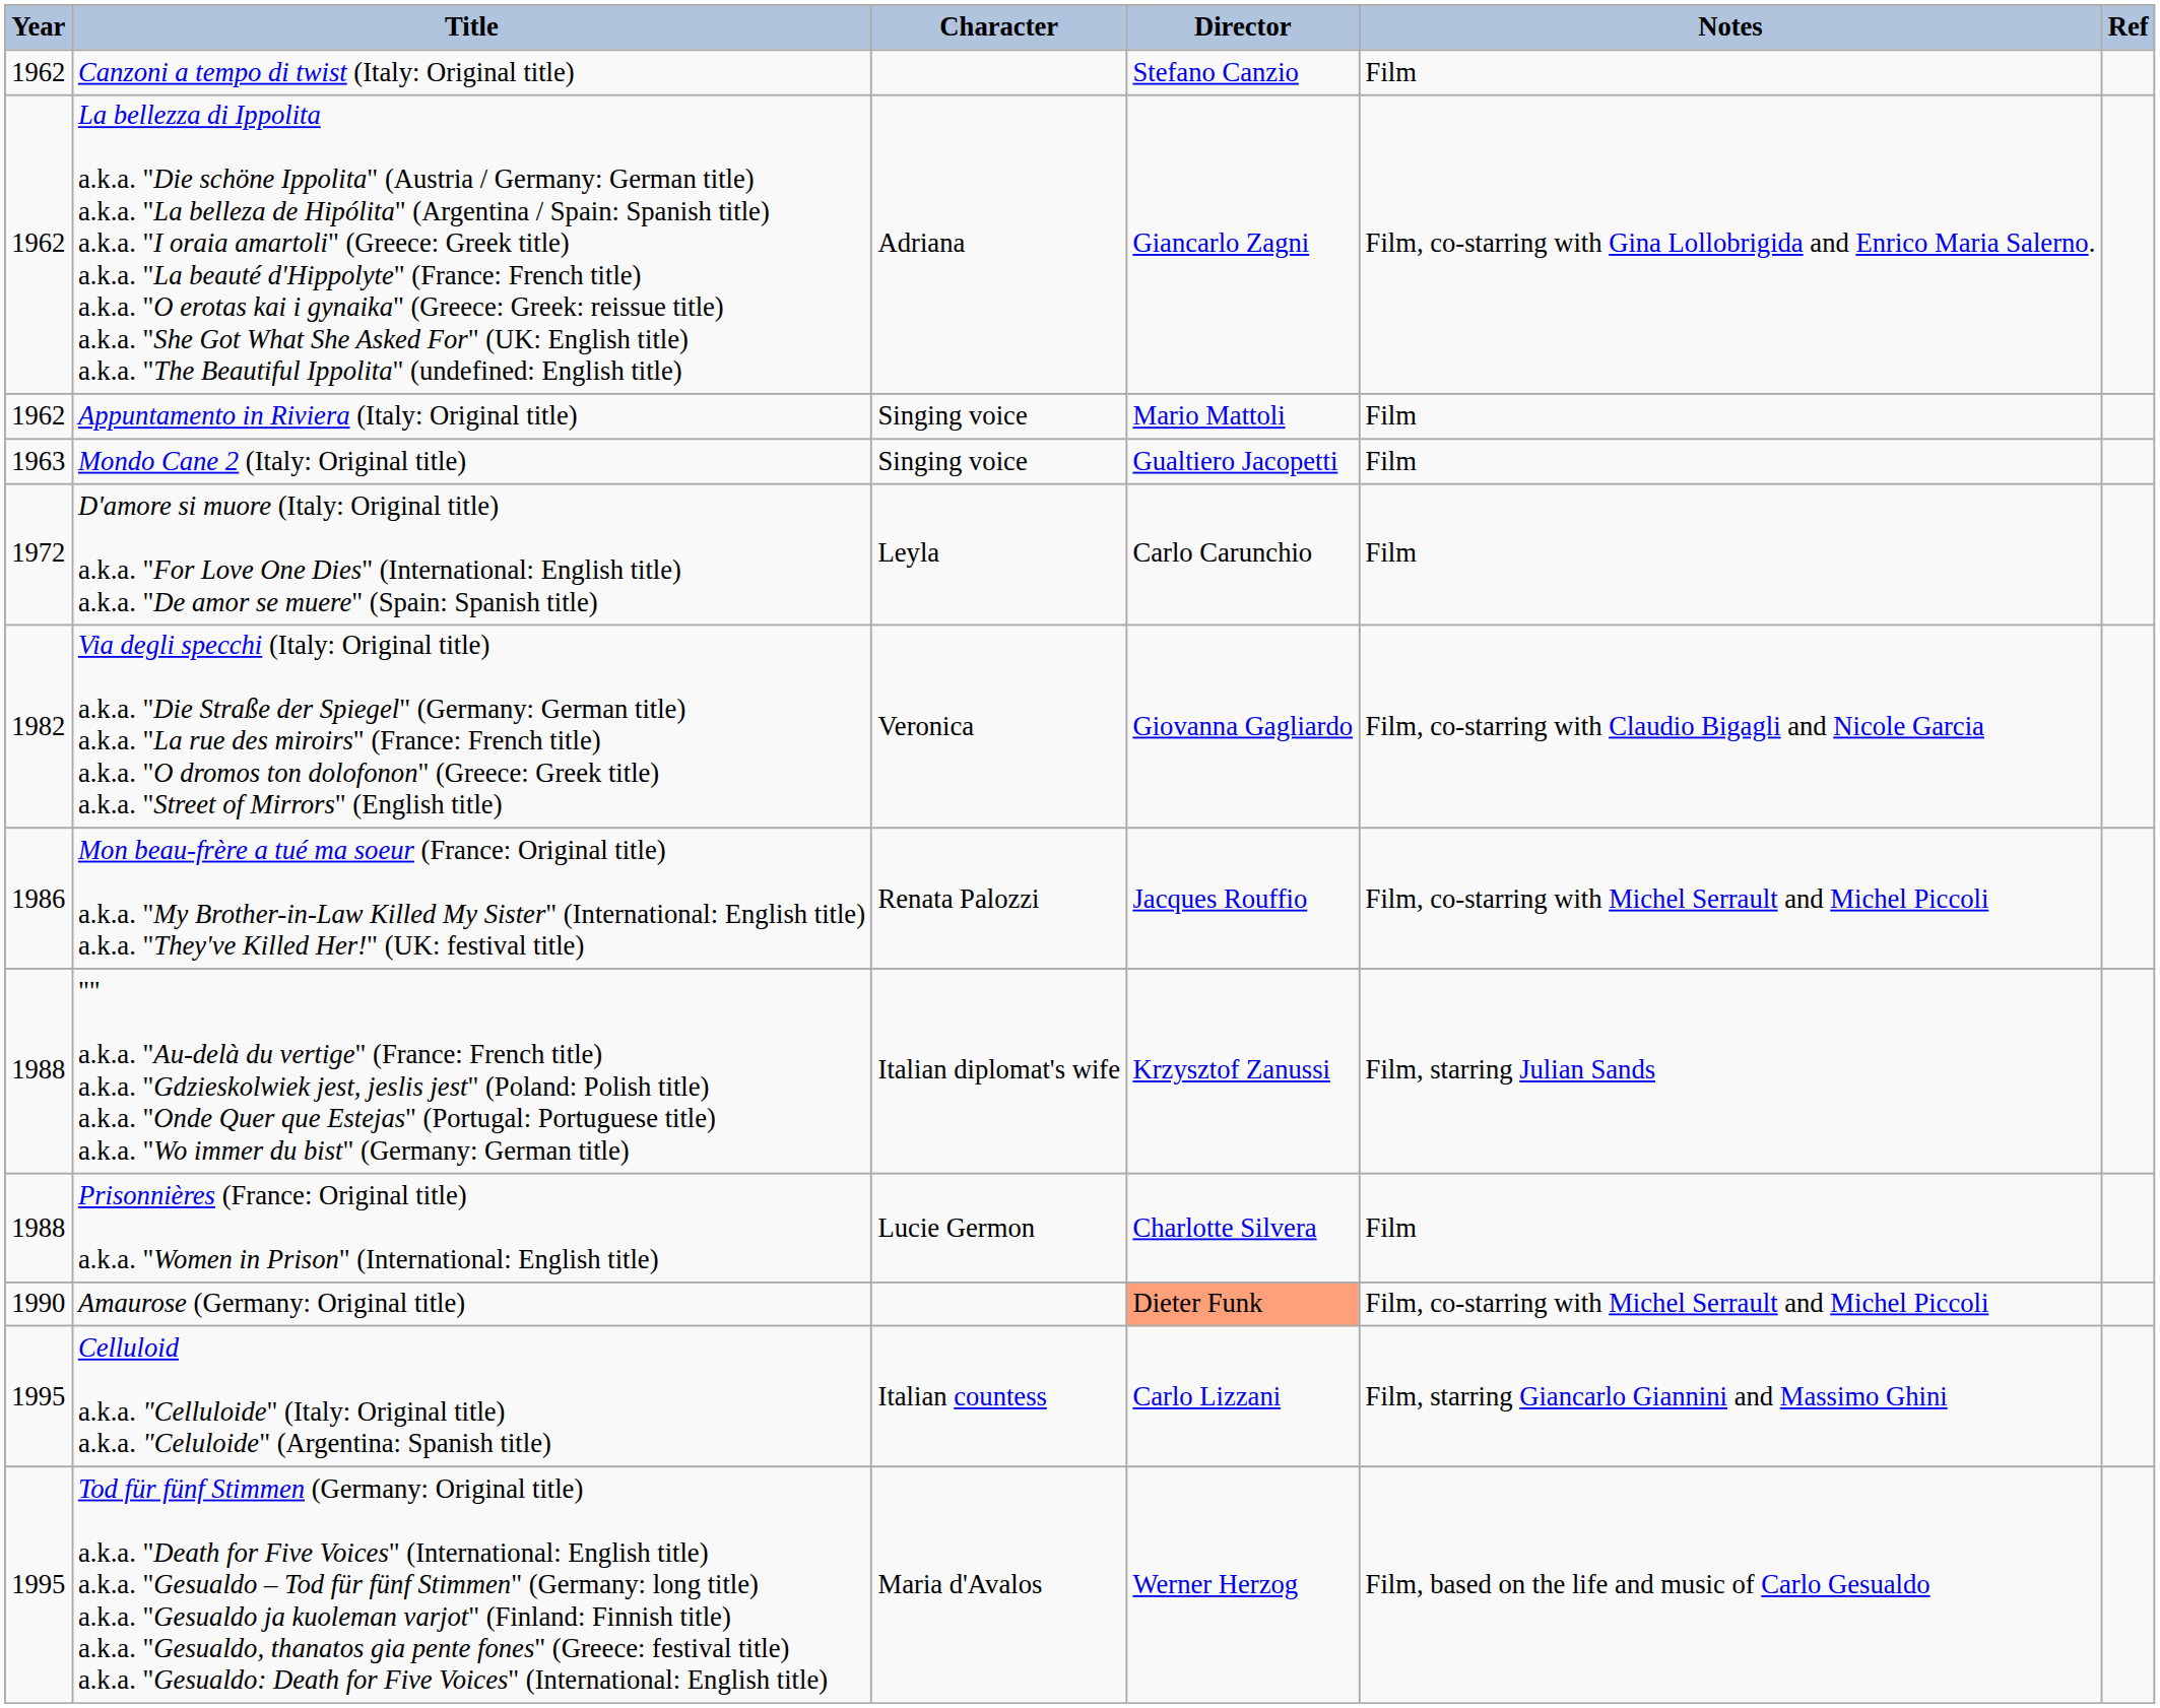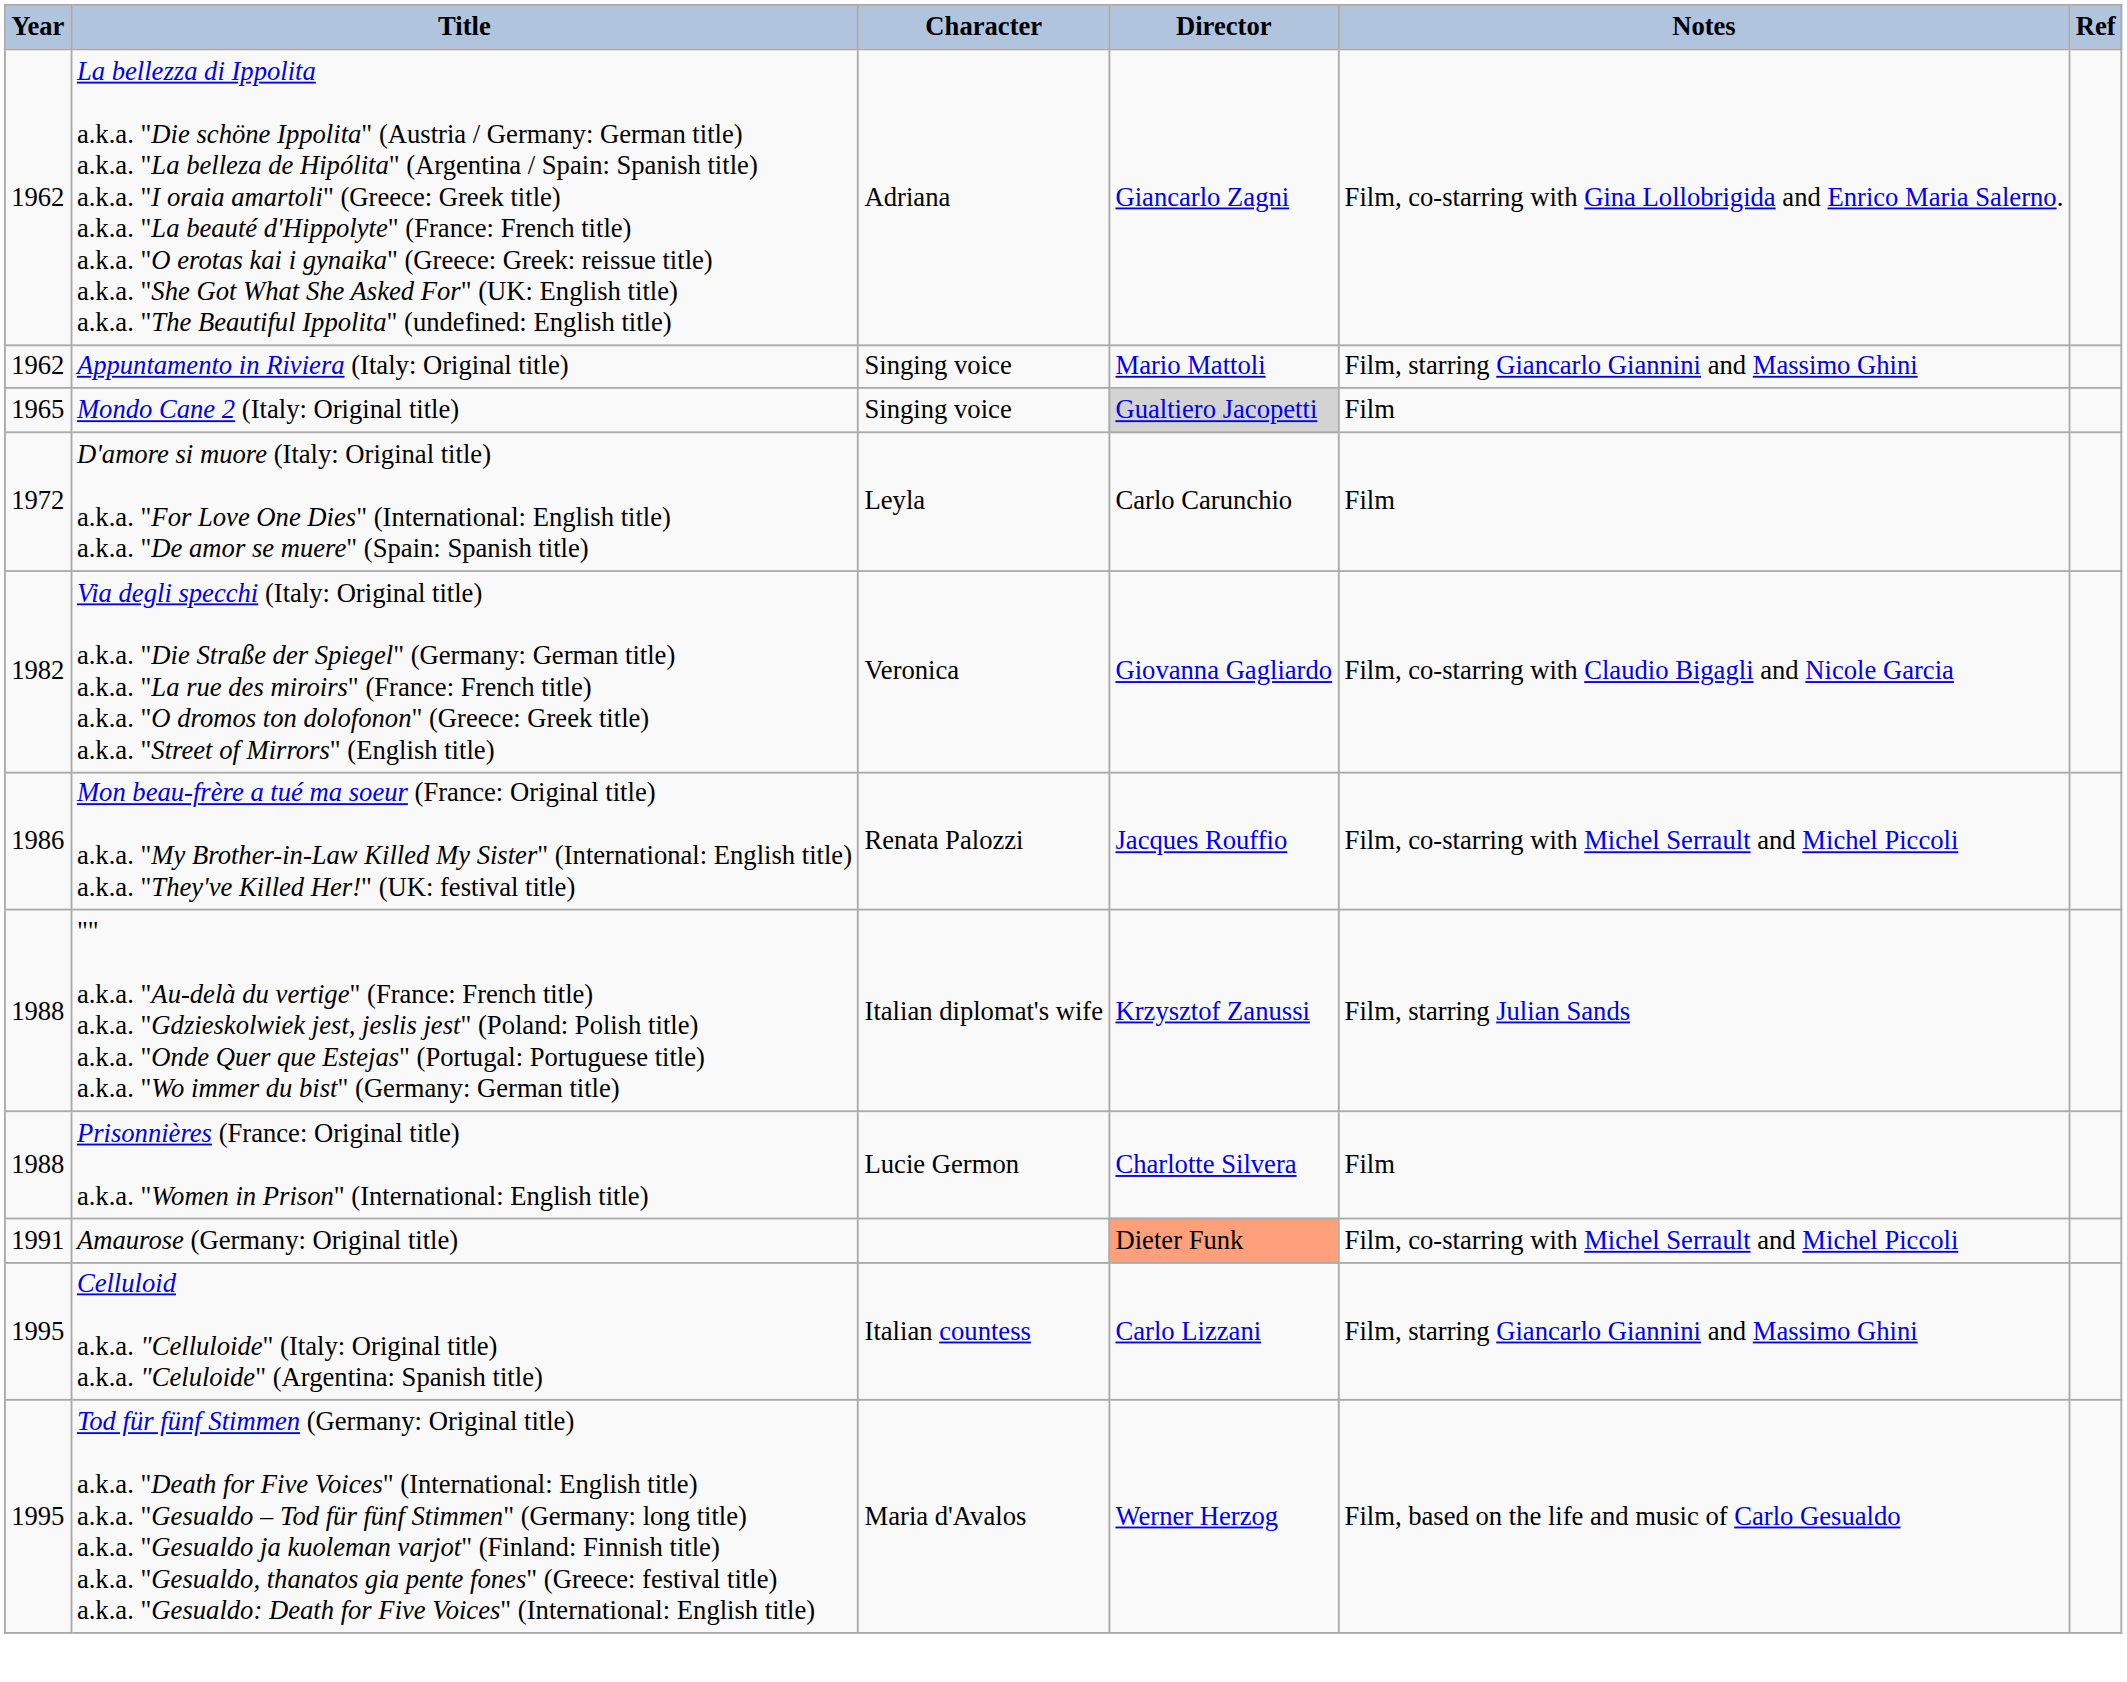 <table class="wikitable" style="font-size:90%">
 <tr style="text-align:center;">
 <th style="background:#B0C4DE;">Year</th>
 <th style="background:#B0C4DE;">Title</th>
 <th style="background:#B0C4DE;">Character</th>
 <th style="background:#B0C4DE;">Director</th>
 <th style="background:#B0C4DE;">Notes</th>
 <th style="background:#B0C4DE;">Ref</th>
-</tr>
-<tr>
-<td>1962</td>
-<td><em><a href='#'>Canzoni a tempo di twist</a></em> (Italy: Original title)</td>
-<td></td>
-<td><a href='#'>Stefano Canzio</a></td>
-<td>Film</td>
-<td></td>
 </tr>
 <tr>
 <td>1962</td>
 <td><em><a href='#'>La bellezza di Ippolita</a></em><br><br>a.k.a. "<em>Die schöne Ippolita</em>" (Austria / Germany: German title)<br>  a.k.a. "<em>La belleza de Hipólita</em>" (Argentina / Spain: Spanish title)<br> a.k.a. "<em>I oraia amartoli</em>" (Greece: Greek title)<br>  a.k.a. "<em>La beauté d'Hippolyte</em>" (France: French title)<br> a.k.a. "<em>O erotas kai i gynaika</em>" (Greece: Greek: reissue title)<br> a.k.a. "<em>She Got What She Asked For</em>" (UK: English title)<br> a.k.a. "<em>The Beautiful Ippolita</em>" (undefined: English title)</td>
 <td>Adriana</td>
 <td><a href='#'>Giancarlo Zagni</a></td>
 <td>Film, co-starring with <a href='#'>Gina Lollobrigida</a> and <a href='#'>Enrico Maria Salerno</a>.</td>
 <td></td>
 </tr>
 <tr>
 <td>1962</td>
 <td><em><a href='#'>Appuntamento in Riviera</a></em> (Italy: Original title)</td>
 <td>Singing voice</td>
 <td><a href='#'>Mario Mattoli</a></td>
-<td>Film</td>
+<td>Film, starring <a href='#'>Giancarlo Giannini</a> and <a href='#'>Massimo Ghini</a></td>
 <td></td>
 </tr>
 <tr>
-<td>1963</td>
+<td>1965</td>
 <td><em><a href='#'>Mondo Cane 2</a></em> (Italy: Original title)</td>
 <td>Singing voice</td>
-<td><a href='#'>Gualtiero Jacopetti</a></td>
+<td style="background: lightgrey;"><a href='#'>Gualtiero Jacopetti</a></td>
 <td>Film</td>
 <td></td>
 </tr>
 <tr>
 <td>1972</td>
 <td><em>D'amore si muore</em> (Italy: Original title)<br><br>a.k.a. "<em>For Love One Dies</em>" (International: English title) <br> a.k.a. "<em>De amor se muere</em>" (Spain: Spanish title)</td>
 <td>Leyla</td>
 <td>Carlo Carunchio</td>
 <td>Film</td>
 <td></td>
 </tr>
 <tr>
 <td>1982</td>
 <td><em><a href='#'>Via degli specchi</a></em> (Italy: Original title)<br><br>a.k.a. "<em>Die Straße der Spiegel</em>" (Germany: German title)<br>  a.k.a. "<em>La rue des miroirs</em>" (France: French title)<br>  a.k.a. "<em>O dromos ton dolofonon</em>" (Greece: Greek title)<br> a.k.a. "<em>Street of Mirrors</em>" (English title)</td>
 <td>Veronica</td>
 <td><a href='#'>Giovanna Gagliardo</a></td>
 <td>Film, co-starring with <a href='#'>Claudio Bigagli</a> and <a href='#'>Nicole Garcia</a></td>
 <td></td>
 </tr>
 <tr>
 <td>1986</td>
 <td><em><a href='#'>Mon beau-frère a tué ma soeur</a></em> (France: Original title)<br><br>a.k.a. "<em>My Brother-in-Law Killed My Sister</em>" (International: English title)<br>  a.k.a. "<em>They've Killed Her!</em>" (UK: festival title)</td>
 <td>Renata Palozzi</td>
 <td><a href='#'>Jacques Rouffio</a></td>
 <td>Film, co-starring with <a href='#'>Michel Serrault</a> and <a href='#'>Michel Piccoli</a></td>
 <td></td>
 </tr>
 <tr>
 <td>1988</td>
 <td>"<em></em>"<br><br>a.k.a. "<em>Au-delà du vertige</em>" (France: French title)<br>  a.k.a. "<em>Gdzieskolwiek jest, jeslis jest</em>" (Poland: Polish title)<br>  a.k.a. "<em>Onde Quer que Estejas</em>" (Portugal: Portuguese title)<br>  a.k.a. "<em>Wo immer du bist</em>" (Germany: German title)</td>
 <td>Italian diplomat's wife</td>
 <td><a href='#'>Krzysztof Zanussi</a></td>
 <td>Film, starring <a href='#'>Julian Sands</a></td>
 <td></td>
 </tr>
 <tr>
 <td>1988</td>
 <td><em><a href='#'>Prisonnières</a></em> (France: Original title)<br><br>a.k.a. "<em>Women in Prison</em>" (International: English title)</td>
 <td>Lucie Germon</td>
 <td><a href='#'>Charlotte Silvera</a></td>
 <td>Film</td>
 <td></td>
 </tr>
 <tr>
-<td>1990</td>
+<td>1991</td>
 <td><em>Amaurose</em> (Germany: Original title)</td>
 <td></td>
 <td style="background: lightsalmon;">Dieter Funk</td>
 <td>Film, co-starring with <a href='#'>Michel Serrault</a> and <a href='#'>Michel Piccoli</a></td>
 <td></td>
 </tr>
 <tr>
 <td>1995</td>
 <td><em><a href='#'>Celluloid</a></em><br><br>a.k.a. <em>"Celluloide</em>" (Italy: Original title)<br>  a.k.a. <em>"Celuloide</em>" (Argentina: Spanish title)</td>
 <td>Italian <a href='#'>countess</a></td>
 <td><a href='#'>Carlo Lizzani</a></td>
 <td>Film, starring <a href='#'>Giancarlo Giannini</a> and <a href='#'>Massimo Ghini</a></td>
 <td></td>
 </tr>
 <tr>
 <td>1995</td>
 <td><em><a href='#'>Tod für fünf Stimmen</a></em> (Germany: Original title)<br><br>a.k.a. "<em>Death for Five Voices</em>" (International: English title)<br> a.k.a. "<em>Gesualdo – Tod für fünf Stimmen</em>" (Germany: long title)<br> a.k.a. "<em>Gesualdo ja kuoleman varjot</em>" (Finland: Finnish title)<br> a.k.a. "<em>Gesualdo, thanatos gia pente fones</em>" (Greece: festival title)<br> a.k.a. "<em>Gesualdo: Death for Five Voices</em>" (International: English title)</td>
 <td>Maria d'Avalos</td>
 <td><a href='#'>Werner Herzog</a></td>
 <td>Film, based on the life and music of <a href='#'>Carlo Gesualdo</a></td>
 <td></td>
 </tr>
 </table>
